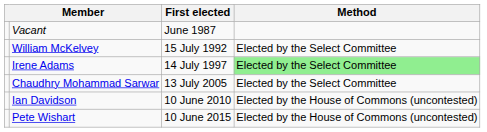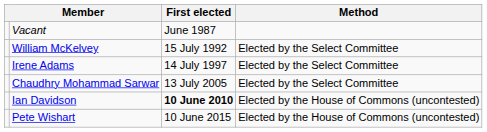 <table class="wikitable">
 <tr>
 <th colspan="2" valign="top">Member</th>
 <th>First elected</th>
 <th>Method</th>
 </tr>
 <tr>
 <td></td>
 <td><em>Vacant</em></td>
 <td>June 1987</td>
 <td></td>
 </tr>
 <tr>
 <td style="color:inherit;background:"></td>
 <td><a href='#'>William McKelvey</a></td>
 <td>15 July 1992</td>
 <td>Elected by the Select Committee</td>
 </tr>
 <tr>
 <td style="color:inherit;background:"></td>
 <td><a href='#'>Irene Adams</a></td>
 <td>14 July 1997</td>
-<td style="background: lightgreen;">Elected by the Select Committee</td>
+<td>Elected by the Select Committee</td>
 </tr>
 <tr>
 <td style="color:inherit;background:"></td>
 <td><a href='#'>Chaudhry Mohammad Sarwar</a></td>
 <td>13 July 2005</td>
 <td>Elected by the Select Committee</td>
 </tr>
 <tr>
 <td style="color:inherit;background:"></td>
 <td><a href='#'>Ian Davidson</a></td>
-<td>10 June 2010</td>
+<td><strong>10 June 2010</strong></td>
 <td>Elected by the House of Commons (uncontested)</td>
 </tr>
 <tr>
 <td style="color:inherit;background:"></td>
 <td><a href='#'>Pete Wishart</a></td>
 <td>10 June 2015</td>
 <td>Elected by the House of Commons (uncontested)</td>
 </tr>
 </table>
